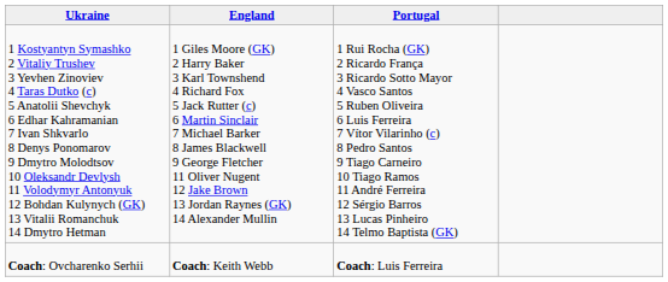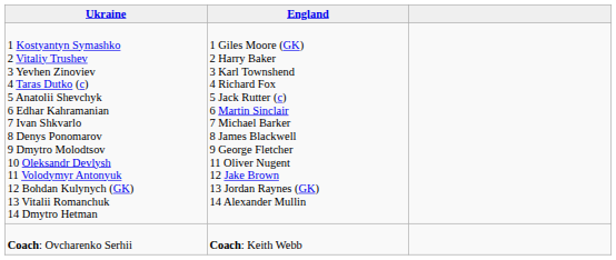 <table class="wikitable mw-collapsible mw-collapsed" cellpadding=5 cellspacing=0 style="width:95%;">
 <tr align=center>
 <td bgcolor="#efefef" width="200"><strong> <a href='#'>Ukraine</a></strong></td>
 <td bgcolor="#efefef" width="200"><strong> <a href='#'>England</a></strong></td>
-<td bgcolor="#efefef" width="200"><strong> <a href='#'>Portugal</a></strong></td>
 <td bgcolor="#efefef" width="200"></td>
 </tr>
 <tr valign=top>
 <td><br>1 <a href='#'>Kostyantyn Symashko</a><br> 2 <a href='#'>Vitaliy Trushev</a><br> 3 Yevhen Zinoviev<br> 4 <a href='#'>Taras Dutko</a> (<a href='#'>c</a>)<br> 5 Anatolii Shevchyk<br> 6 Edhar Kahramanian<br> 7 Ivan Shkvarlo<br> 8 Denys Ponomarov<br> 9 Dmytro Molodtsov<br> 10 <a href='#'>Oleksandr Devlysh</a><br> 11 <a href='#'>Volodymyr Antonyuk</a><br> 12 Bohdan Kulynych (<a href='#'>GK</a>)<br> 13 Vitalii Romanchuk<br> 14 Dmytro Hetman</td>
 <td><br>1 Giles Moore (<a href='#'>GK</a>)<br> 2 Harry Baker<br> 3 Karl Townshend<br> 4 Richard Fox<br> 5 Jack Rutter (<a href='#'>c</a>)<br> 6 <a href='#'>Martin Sinclair</a><br> 7 Michael Barker<br> 8 James Blackwell<br> 9 George Fletcher<br> 11 Oliver Nugent<br> 12 <a href='#'>Jake Brown</a><br> 13 Jordan Raynes (<a href='#'>GK</a>)<br> 14 Alexander Mullin</td>
-<td><br>1 Rui Rocha (<a href='#'>GK</a>)<br> 2 Ricardo França<br> 3 Ricardo Sotto Mayor<br> 4 Vasco Santos<br> 5 Ruben Oliveira<br> 6 Luis Ferreira<br> 7 Vítor Vilarinho (<a href='#'>c</a>)<br> 8 Pedro Santos<br> 9 Tiago Carneiro<br> 10 Tiago Ramos<br> 11 André Ferreira<br> 12 Sérgio Barros<br> 13 Lucas Pinheiro<br> 14 Telmo Baptista (<a href='#'>GK</a>)</td>
 <td></td>
 </tr>
 <tr valign=top>
 <td><br><strong>Coach</strong>: Ovcharenko Serhii</td>
 <td><br><strong>Coach</strong>: Keith Webb</td>
-<td><br><strong>Coach</strong>: Luis Ferreira</td>
 <td></td>
 </tr>
 </table>
